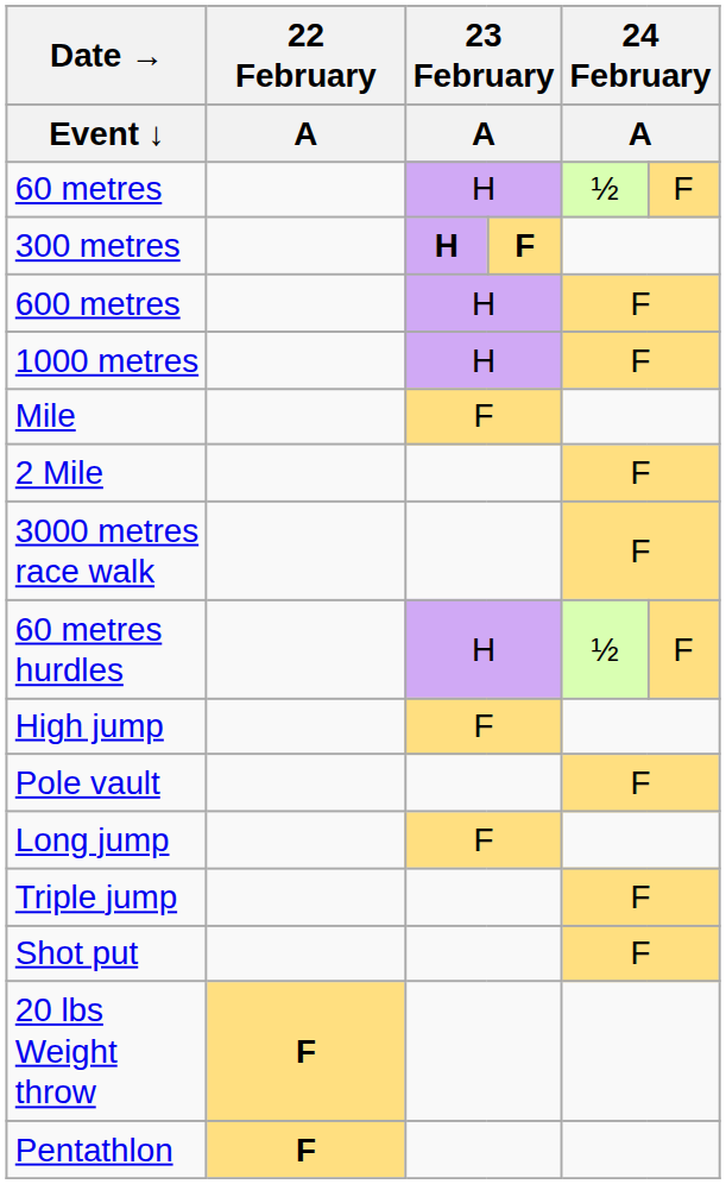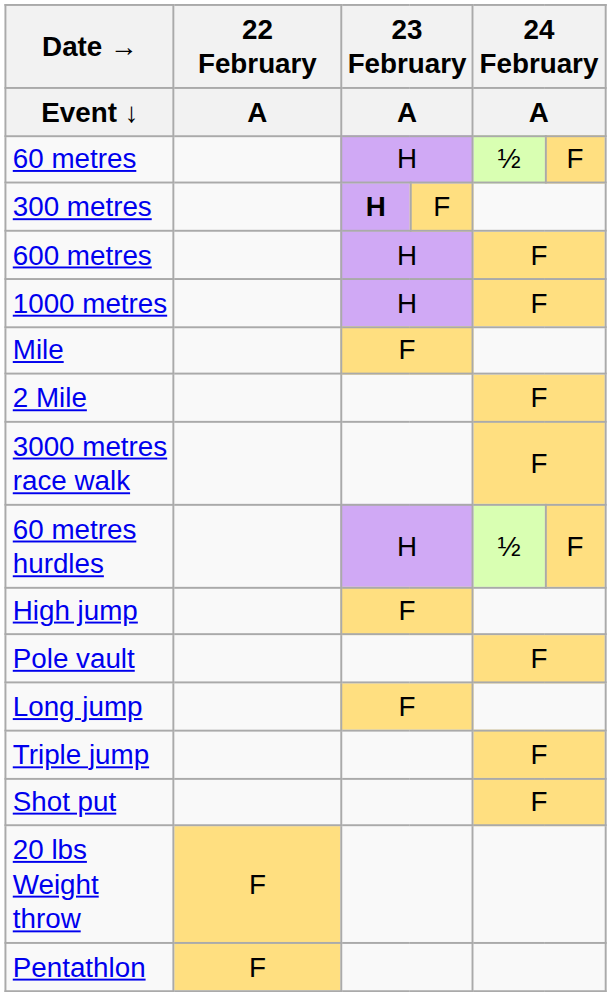 <table class="wikitable" style="margin:0.5em auto; font-size:90%; line-height:1.25em;">
 <tr align="center">
 <th width="80px" colspan=1>Date   →</th>
 <th width="40px" colspan=1>22 February</th>
 <th width="40px" colspan=2>23 February</th>
 <th width="40px" colspan=2>24 February</th>
 </tr>
 <tr>
 <th>Event ↓</th>
 <th width="80px">A</th>
 <th width="40px" colspan=2>A</th>
 <th width="60px" colspan=2>A</th>
 </tr>
 <tr align="center">
 <td align="left"><a href='#'>60 metres</a></td>
 <td></td>
 <td bgcolor="#D0A9F5" colspan=2>H</td>
 <td bgcolor="#D9FFB2" colspan=1>½</td>
 <td bgcolor="#FFDF80" colspan=1>F</td>
 </tr>
 <tr align="center">
 <td align="left"><a href='#'>300 metres</a></td>
 <td></td>
 <td bgcolor="#D0A9F5" colspan=1><strong>H</strong></td>
-<td bgcolor="#FFDF80" colspan=1><strong>F</strong></td>
+<td bgcolor="#FFDF80" colspan=1>F</td>
 <td colspan=2></td>
 </tr>
 <tr align="center">
 <td align="left"><a href='#'>600 metres</a></td>
 <td></td>
 <td bgcolor="#D0A9F5" colspan=2>H</td>
 <td bgcolor="#FFDF80" colspan=2>F</td>
 </tr>
 <tr align="center">
 <td align="left"><a href='#'>1000 metres</a></td>
 <td></td>
 <td bgcolor="#D0A9F5" colspan=2>H</td>
 <td bgcolor="#FFDF80" colspan=2>F</td>
 </tr>
 <tr align="center">
 <td align="left"><a href='#'>Mile</a></td>
 <td></td>
 <td bgcolor="#FFDF80" colspan=2>F</td>
 <td colspan=2></td>
 </tr>
 <tr align="center">
 <td align="left"><a href='#'>2 Mile</a></td>
 <td></td>
 <td colspan=2></td>
 <td bgcolor="#FFDF80" colspan=2>F</td>
 </tr>
 <tr align="center">
 <td align="left"><a href='#'>3000 metres race walk</a></td>
 <td></td>
 <td colspan=2></td>
 <td bgcolor="#FFDF80" colspan=2>F</td>
 </tr>
 <tr align="center">
 <td align="left"><a href='#'>60 metres hurdles</a></td>
 <td></td>
 <td bgcolor="#D0A9F5" colspan=2>H</td>
 <td bgcolor="#D9FFB2" colspan=1>½</td>
 <td bgcolor="#FFDF80" colspan=1>F</td>
 </tr>
 <tr align="center">
 <td align="left"><a href='#'>High jump</a></td>
 <td></td>
 <td bgcolor="#FFDF80" colspan=2>F</td>
 <td colspan=2></td>
 </tr>
 <tr align="center">
 <td align="left"><a href='#'>Pole vault</a></td>
 <td></td>
 <td colspan=2></td>
 <td bgcolor="#FFDF80" colspan=2>F</td>
 </tr>
 <tr align="center">
 <td align="left"><a href='#'>Long jump</a></td>
 <td></td>
 <td bgcolor="#FFDF80" colspan=2>F</td>
 <td colspan=2></td>
 </tr>
 <tr align="center">
 <td align="left"><a href='#'>Triple jump</a></td>
 <td></td>
 <td colspan=2></td>
 <td bgcolor="#FFDF80" colspan=2>F</td>
 </tr>
 <tr align="center">
 <td align="left"><a href='#'>Shot put</a></td>
 <td></td>
 <td colspan=2></td>
 <td bgcolor="#FFDF80" colspan=2>F</td>
 </tr>
 <tr align="center">
 <td align="left"><a href='#'>20 lbs Weight throw</a></td>
-<td bgcolor="#FFDF80" colspan=1><strong>F</strong></td>
+<td bgcolor="#FFDF80" colspan=1>F</td>
 <td colspan=2></td>
 <td colspan=2></td>
 </tr>
 <tr align="center">
 <td align="left"><a href='#'>Pentathlon</a></td>
-<td bgcolor="#FFDF80" colspan=1><strong>F</strong></td>
+<td bgcolor="#FFDF80" colspan=1>F</td>
 <td colspan=2></td>
 <td colspan=2></td>
 </tr>
 </table>
